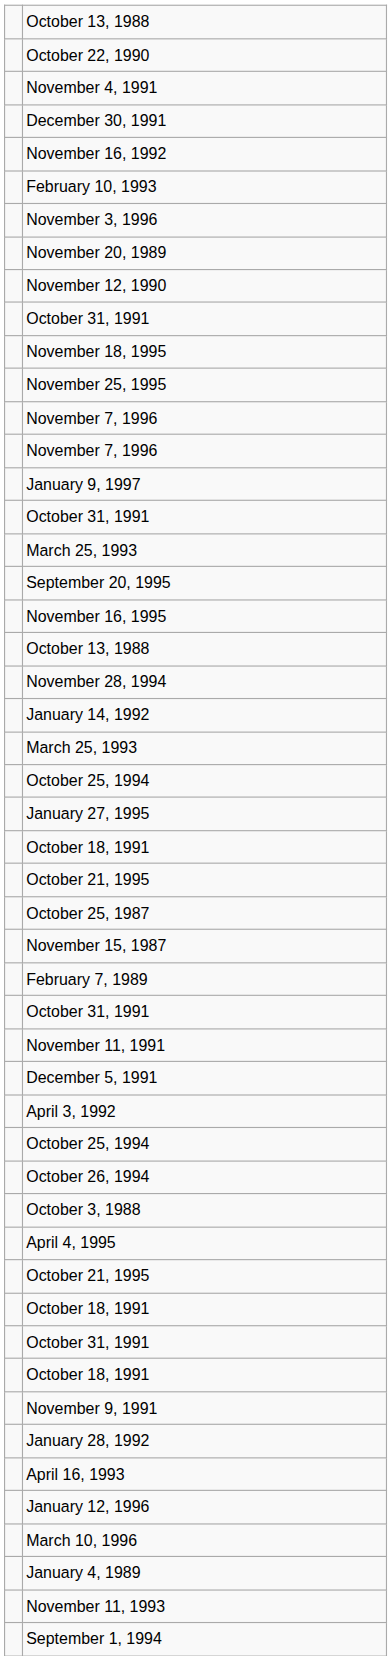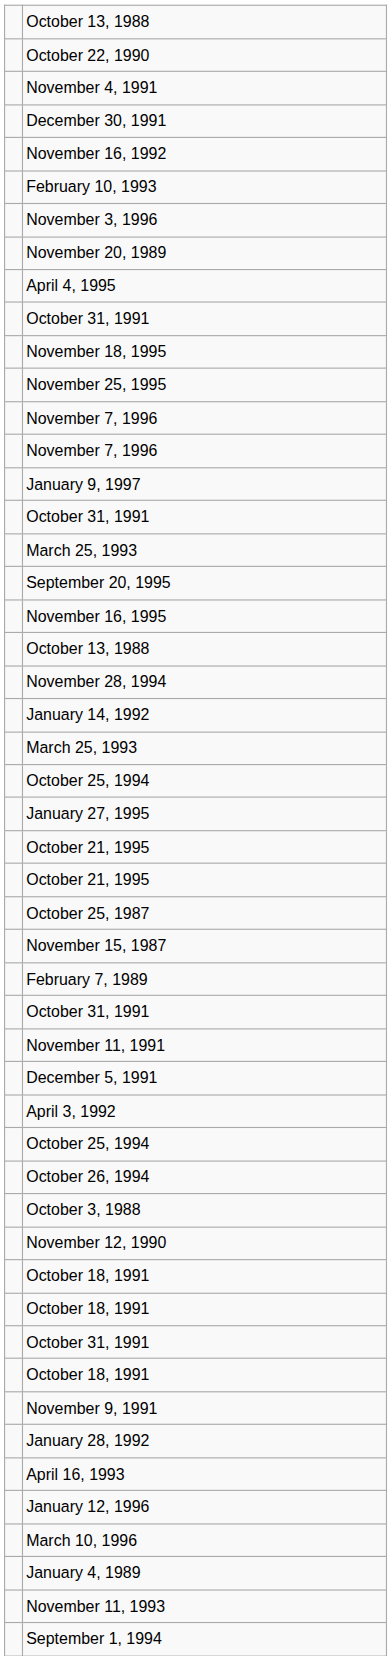 <table class="wikitable" style="font-size: 89%; float: left; width: 24em; margin-right: 1em; line-height: 1.6em !important;  height: 1250px;">
 <tr>
 <td></td>
 <td>October 13, 1988</td>
 </tr>
 <tr>
 <td></td>
 <td>October 22, 1990</td>
 </tr>
 <tr>
 <td></td>
 <td>November 4, 1991</td>
 </tr>
 <tr>
 <td></td>
 <td>December 30, 1991</td>
 </tr>
 <tr>
 <td></td>
 <td>November 16, 1992</td>
 </tr>
 <tr>
 <td></td>
 <td>February 10, 1993</td>
 </tr>
 <tr>
 <td></td>
 <td>November 3, 1996</td>
 </tr>
 <tr>
 <td></td>
 <td>November 20, 1989</td>
 </tr>
 <tr>
 <td></td>
-<td>November 12, 1990</td>
+<td>April 4, 1995</td>
 </tr>
 <tr>
 <td></td>
 <td>October 31, 1991</td>
 </tr>
 <tr>
 <td></td>
 <td>November 18, 1995</td>
 </tr>
 <tr>
 <td></td>
 <td>November 25, 1995</td>
 </tr>
 <tr>
 <td></td>
 <td>November 7, 1996</td>
 </tr>
 <tr>
 <td></td>
 <td>November 7, 1996</td>
 </tr>
 <tr>
 <td></td>
 <td>January 9, 1997</td>
 </tr>
 <tr>
 <td></td>
 <td>October 31, 1991</td>
 </tr>
 <tr>
 <td></td>
 <td>March 25, 1993</td>
 </tr>
 <tr>
 <td></td>
 <td>September 20, 1995</td>
 </tr>
 <tr>
 <td></td>
 <td>November 16, 1995</td>
 </tr>
 <tr>
 <td></td>
 <td>October 13, 1988</td>
 </tr>
 <tr>
 <td></td>
 <td>November 28, 1994</td>
 </tr>
 <tr>
 <td></td>
 <td>January 14, 1992</td>
 </tr>
 <tr>
 <td></td>
 <td>March 25, 1993</td>
 </tr>
 <tr>
 <td></td>
 <td>October 25, 1994</td>
 </tr>
 <tr>
 <td></td>
 <td>January 27, 1995</td>
 </tr>
 <tr>
 <td></td>
-<td>October 18, 1991</td>
+<td>October 21, 1995</td>
 </tr>
 <tr>
 <td></td>
 <td>October 21, 1995</td>
 </tr>
 <tr>
 <td></td>
 <td>October 25, 1987</td>
 </tr>
 <tr>
 <td></td>
 <td>November 15, 1987</td>
 </tr>
 <tr>
 <td></td>
 <td>February 7, 1989</td>
 </tr>
 <tr>
 <td></td>
 <td>October 31, 1991</td>
 </tr>
 <tr>
 <td></td>
 <td>November 11, 1991</td>
 </tr>
 <tr>
 <td></td>
 <td>December 5, 1991</td>
 </tr>
 <tr>
 <td></td>
 <td>April 3, 1992</td>
 </tr>
 <tr>
 <td></td>
 <td>October 25, 1994</td>
 </tr>
 <tr>
 <td></td>
 <td>October 26, 1994</td>
 </tr>
 <tr>
 <td></td>
 <td>October 3, 1988</td>
 </tr>
 <tr>
 <td></td>
-<td>April 4, 1995</td>
+<td>November 12, 1990</td>
 </tr>
 <tr>
 <td></td>
-<td>October 21, 1995</td>
+<td>October 18, 1991</td>
 </tr>
 <tr>
 <td></td>
 <td>October 18, 1991</td>
 </tr>
 <tr>
 <td></td>
 <td>October 31, 1991</td>
 </tr>
 <tr>
 <td></td>
 <td>October 18, 1991</td>
 </tr>
 <tr>
 <td></td>
 <td>November 9, 1991</td>
 </tr>
 <tr>
 <td></td>
 <td>January 28, 1992</td>
 </tr>
 <tr>
 <td></td>
 <td>April 16, 1993</td>
 </tr>
 <tr>
 <td></td>
 <td>January 12, 1996</td>
 </tr>
 <tr>
 <td></td>
 <td>March 10, 1996</td>
 </tr>
 <tr>
 <td></td>
 <td>January 4, 1989</td>
 </tr>
 <tr>
 <td></td>
 <td>November 11, 1993</td>
 </tr>
 <tr>
 <td></td>
 <td>September 1, 1994</td>
 </tr>
 </table>
